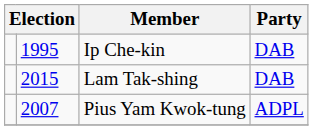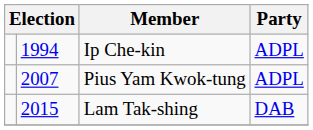 <table class="wikitable">
 <tr>
 <th colspan="2">Election</th>
 <th>Member</th>
 <th>Party</th>
 </tr>
 <tr>
 <td style="background-color:"></td>
-<td><a href='#'>1995</a></td>
+<td><a href='#'>1994</a></td>
 <td>Ip Che-kin</td>
-<td><a href='#'>DAB</a></td>
+<td><a href='#'>ADPL</a></td>
+</tr>
+<tr>
+<td style="background-color:"></td>
+<td><a href='#'>2007</a></td>
+<td>Pius Yam Kwok-tung</td>
+<td><a href='#'>ADPL</a></td>
 </tr>
 <tr>
 <td style="background-color:"></td>
 <td><a href='#'>2015</a></td>
 <td>Lam Tak-shing</td>
 <td><a href='#'>DAB</a></td>
 </tr>
 <tr>
-<td style="background-color:"></td>
-<td><a href='#'>2007</a></td>
-<td>Pius Yam Kwok-tung</td>
-<td><a href='#'>ADPL</a></td>
-</tr>
-<tr>
 </tr>
 </table>
